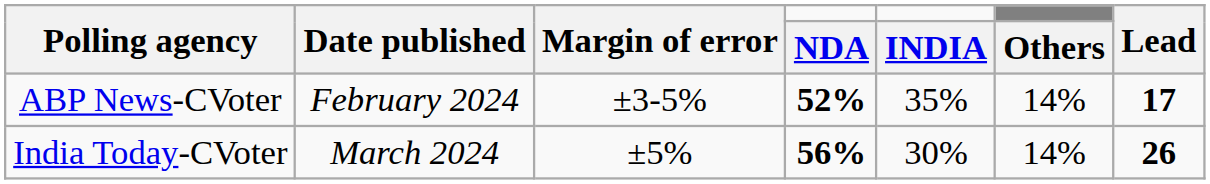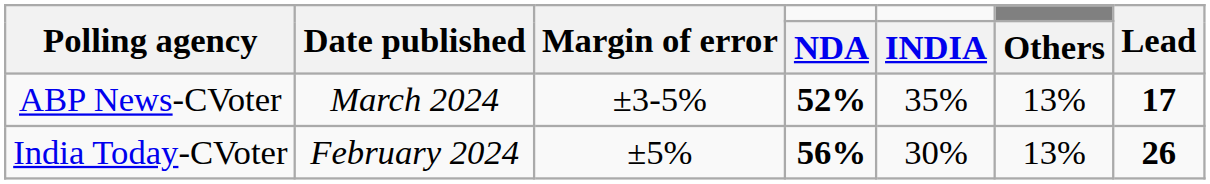 <table class="wikitable sortable" style="text-align:center;font-size:95%;line-height:16px">
 <tr>
 <th rowspan="2">Polling agency</th>
 <th rowspan="2">Date published</th>
 <th rowspan="2">Margin of error</th>
 <td></td>
 <td></td>
 <td bgcolor="grey"></td>
 <th rowspan="2">Lead</th>
 </tr>
 <tr>
 <th><a href='#'>NDA</a></th>
 <th><a href='#'>INDIA</a></th>
 <th>Others</th>
 </tr>
 <tr>
 <td><a href='#'>ABP News</a>-CVoter</td>
-<td><em>February 2024</em></td>
+<td><em>March 2024</em></td>
 <td>±3-5%</td>
 <td bgcolor=><strong>52%</strong></td>
 <td>35%</td>
-<td>14%</td>
+<td>13%</td>
 <td bgcolor=><strong>17</strong></td>
 </tr>
 <tr>
 <td><a href='#'>India Today</a>-CVoter</td>
-<td><em>March 2024</em></td>
+<td><em>February 2024</em></td>
 <td>±5%</td>
 <td><strong>56%</strong></td>
 <td>30%</td>
-<td>14%</td>
+<td>13%</td>
 <td><strong>26</strong></td>
 </tr>
 </table>
